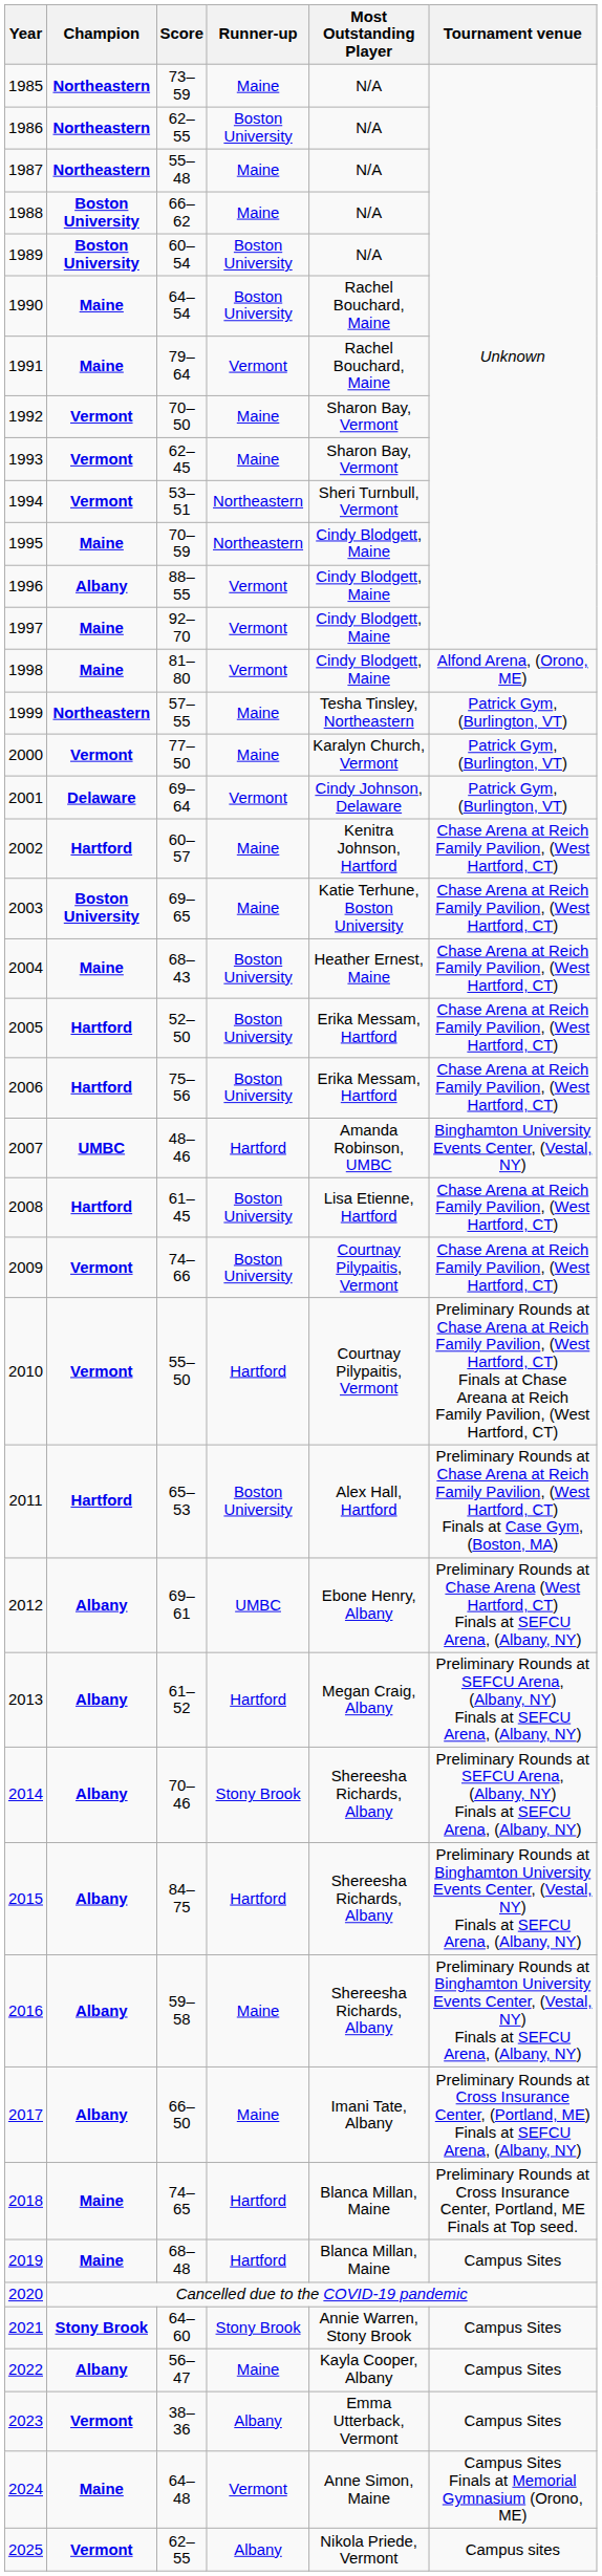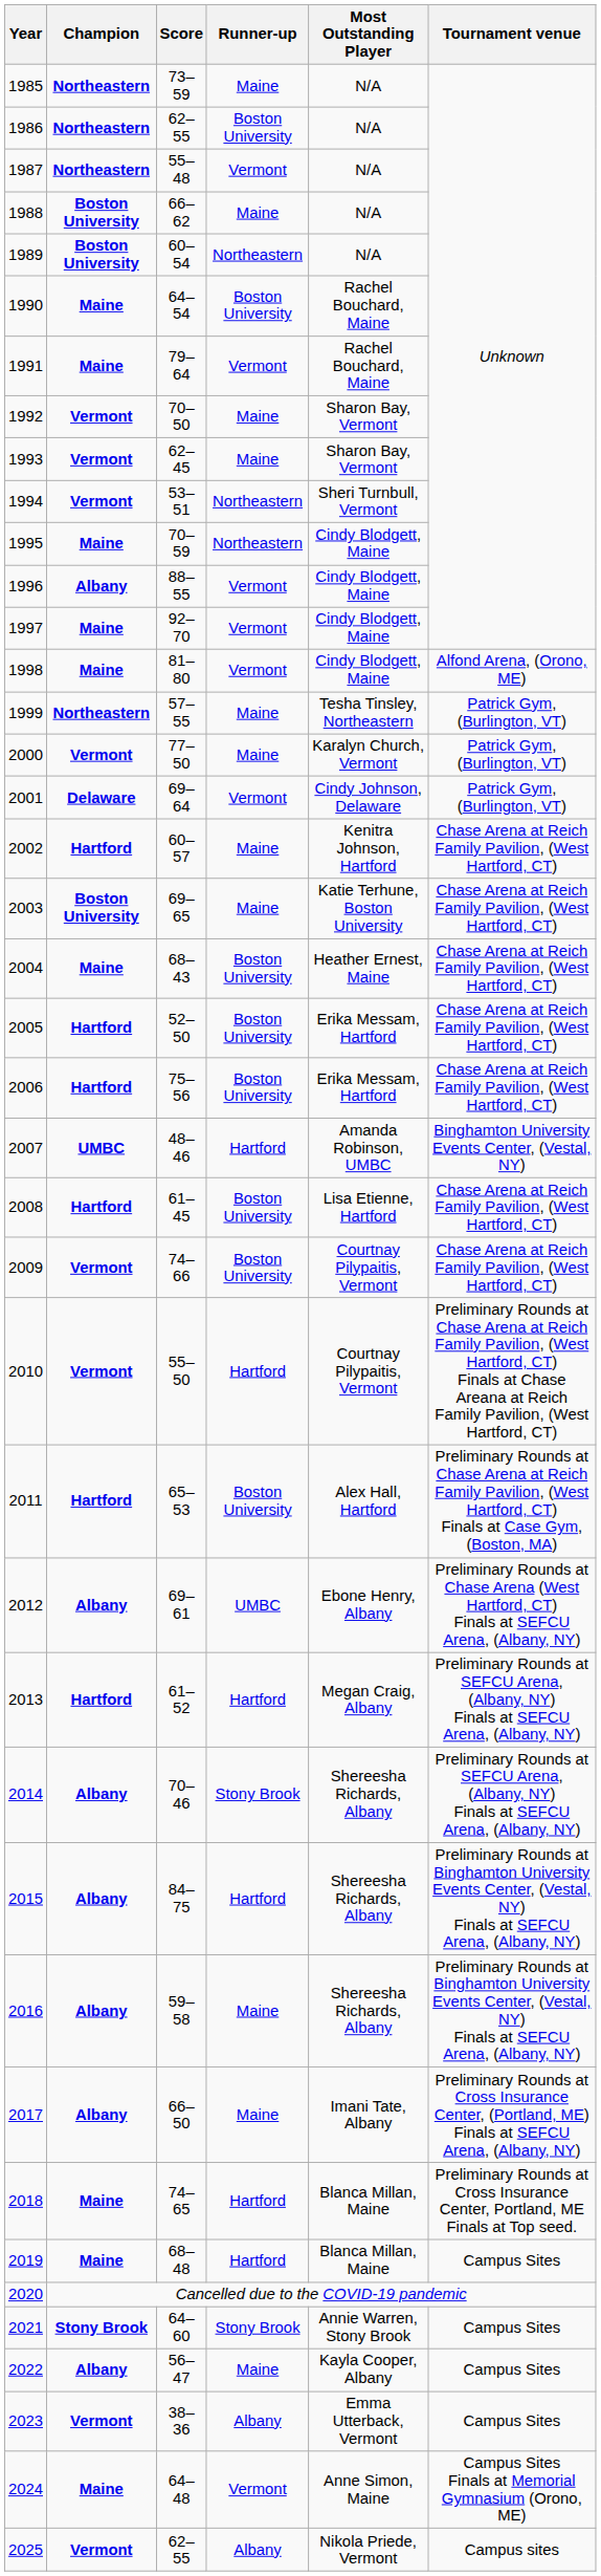 <table class="wikitable sortable" style="text-align:center">
 <tr>
 <th width=px>Year</th>
 <th width=px>Champion</th>
 <th width=px>Score</th>
 <th width=px>Runner-up</th>
 <th width=px>Most Outstanding Player</th>
 <th width=px>Tournament venue</th>
 </tr>
 <tr>
 <td>1985</td>
 <td><strong><a href='#'>Northeastern</a></strong></td>
 <td>73–59</td>
 <td><a href='#'>Maine</a></td>
 <td>N/A</td>
 <td rowspan="13"><em>Unknown</em></td>
 </tr>
 <tr>
 <td>1986</td>
 <td><strong><a href='#'>Northeastern</a></strong></td>
 <td>62–55</td>
 <td><a href='#'>Boston University</a></td>
 <td>N/A</td>
 </tr>
 <tr>
 <td>1987</td>
 <td><strong><a href='#'>Northeastern</a></strong></td>
 <td>55–48</td>
-<td><a href='#'>Maine</a></td>
+<td><a href='#'>Vermont</a></td>
 <td>N/A</td>
 </tr>
 <tr>
 <td>1988</td>
 <td><strong><a href='#'>Boston University</a></strong></td>
 <td>66–62</td>
 <td><a href='#'>Maine</a></td>
 <td>N/A</td>
 </tr>
 <tr>
 <td>1989</td>
 <td><strong><a href='#'>Boston University</a></strong></td>
 <td>60–54</td>
-<td><a href='#'>Boston University</a></td>
+<td><a href='#'>Northeastern</a></td>
 <td>N/A</td>
 </tr>
 <tr>
 <td>1990</td>
 <td><strong><a href='#'>Maine</a></strong></td>
 <td>64–54</td>
 <td><a href='#'>Boston University</a></td>
 <td>Rachel Bouchard, <a href='#'>Maine</a></td>
 </tr>
 <tr>
 <td>1991</td>
 <td><strong><a href='#'>Maine</a></strong></td>
 <td>79–64</td>
 <td><a href='#'>Vermont</a></td>
 <td>Rachel Bouchard, <a href='#'>Maine</a></td>
 </tr>
 <tr>
 <td>1992</td>
 <td><strong><a href='#'>Vermont</a></strong></td>
 <td>70–50</td>
 <td><a href='#'>Maine</a></td>
 <td>Sharon Bay, <a href='#'>Vermont</a></td>
 </tr>
 <tr>
 <td>1993</td>
 <td><strong><a href='#'>Vermont</a></strong></td>
 <td>62–45</td>
 <td><a href='#'>Maine</a></td>
 <td>Sharon Bay, <a href='#'>Vermont</a></td>
 </tr>
 <tr>
 <td>1994</td>
 <td><strong><a href='#'>Vermont</a></strong></td>
 <td>53–51</td>
 <td><a href='#'>Northeastern</a></td>
 <td>Sheri Turnbull, <a href='#'>Vermont</a></td>
 </tr>
 <tr>
 <td>1995</td>
 <td><strong><a href='#'>Maine</a></strong></td>
 <td>70–59</td>
 <td><a href='#'>Northeastern</a></td>
 <td><a href='#'>Cindy Blodgett</a>, <a href='#'>Maine</a></td>
 </tr>
 <tr>
 <td>1996</td>
 <td><strong><a href='#'>Albany</a></strong></td>
 <td>88–55</td>
 <td><a href='#'>Vermont</a></td>
 <td><a href='#'>Cindy Blodgett</a>, <a href='#'>Maine</a></td>
 </tr>
 <tr>
 <td>1997</td>
 <td><strong><a href='#'>Maine</a></strong></td>
 <td>92–70</td>
 <td><a href='#'>Vermont</a></td>
 <td><a href='#'>Cindy Blodgett</a>, <a href='#'>Maine</a></td>
 </tr>
 <tr>
 <td>1998</td>
 <td><strong><a href='#'>Maine</a></strong></td>
 <td>81–80</td>
 <td><a href='#'>Vermont</a></td>
 <td><a href='#'>Cindy Blodgett</a>, <a href='#'>Maine</a></td>
 <td><a href='#'>Alfond Arena</a>, (<a href='#'>Orono, ME</a>)</td>
 </tr>
 <tr>
 <td>1999</td>
 <td><strong><a href='#'>Northeastern</a></strong></td>
 <td>57–55</td>
 <td><a href='#'>Maine</a></td>
 <td>Tesha Tinsley, <a href='#'>Northeastern</a></td>
 <td><a href='#'>Patrick Gym</a>, (<a href='#'>Burlington, VT</a>)</td>
 </tr>
 <tr>
 <td>2000</td>
 <td><strong><a href='#'>Vermont</a></strong></td>
 <td>77–50</td>
 <td><a href='#'>Maine</a></td>
 <td>Karalyn Church, <a href='#'>Vermont</a></td>
 <td><a href='#'>Patrick Gym</a>, (<a href='#'>Burlington, VT</a>)</td>
 </tr>
 <tr>
 <td>2001</td>
 <td><strong><a href='#'>Delaware</a></strong></td>
 <td>69–64</td>
 <td><a href='#'>Vermont</a></td>
 <td><a href='#'>Cindy Johnson</a>, <a href='#'>Delaware</a></td>
 <td><a href='#'>Patrick Gym</a>, (<a href='#'>Burlington, VT</a>)</td>
 </tr>
 <tr>
 <td>2002</td>
 <td><strong><a href='#'>Hartford</a></strong></td>
 <td>60–57</td>
 <td><a href='#'>Maine</a></td>
 <td>Kenitra Johnson, <a href='#'>Hartford</a></td>
 <td><a href='#'>Chase Arena at Reich Family Pavilion</a>, (<a href='#'>West Hartford, CT</a>)</td>
 </tr>
 <tr>
 <td>2003</td>
 <td><strong><a href='#'>Boston University</a></strong></td>
 <td>69–65</td>
 <td><a href='#'>Maine</a></td>
 <td>Katie Terhune, <a href='#'>Boston University</a></td>
 <td><a href='#'>Chase Arena at Reich Family Pavilion</a>, (<a href='#'>West Hartford, CT</a>)</td>
 </tr>
 <tr>
 <td>2004</td>
 <td><strong><a href='#'>Maine</a></strong></td>
 <td>68–43</td>
 <td><a href='#'>Boston University</a></td>
 <td>Heather Ernest, <a href='#'>Maine</a></td>
 <td><a href='#'>Chase Arena at Reich Family Pavilion</a>, (<a href='#'>West Hartford, CT</a>)</td>
 </tr>
 <tr>
 <td>2005</td>
 <td><strong><a href='#'>Hartford</a></strong></td>
 <td>52–50</td>
 <td><a href='#'>Boston University</a></td>
 <td>Erika Messam, <a href='#'>Hartford</a></td>
 <td><a href='#'>Chase Arena at Reich Family Pavilion</a>, (<a href='#'>West Hartford, CT</a>)</td>
 </tr>
 <tr>
 <td>2006</td>
 <td><strong><a href='#'>Hartford</a></strong></td>
 <td>75–56</td>
 <td><a href='#'>Boston University</a></td>
 <td>Erika Messam, <a href='#'>Hartford</a></td>
 <td><a href='#'>Chase Arena at Reich Family Pavilion</a>, (<a href='#'>West Hartford, CT</a>)</td>
 </tr>
 <tr>
 <td>2007</td>
 <td><strong><a href='#'>UMBC</a></strong></td>
 <td>48–46</td>
 <td><a href='#'>Hartford</a></td>
 <td>Amanda Robinson, <a href='#'>UMBC</a></td>
 <td><a href='#'>Binghamton University Events Center</a>, (<a href='#'>Vestal, NY</a>)</td>
 </tr>
 <tr>
 <td>2008</td>
 <td><strong><a href='#'>Hartford</a></strong></td>
 <td>61–45</td>
 <td><a href='#'>Boston University</a></td>
 <td>Lisa Etienne, <a href='#'>Hartford</a></td>
 <td><a href='#'>Chase Arena at Reich Family Pavilion</a>, (<a href='#'>West Hartford, CT</a>)</td>
 </tr>
 <tr>
 <td>2009</td>
 <td><strong><a href='#'>Vermont</a></strong></td>
 <td>74–66</td>
 <td><a href='#'>Boston University</a></td>
 <td><a href='#'>Courtnay Pilypaitis</a>, <a href='#'>Vermont</a></td>
 <td><a href='#'>Chase Arena at Reich Family Pavilion</a>, (<a href='#'>West Hartford, CT</a>)</td>
 </tr>
 <tr>
 <td>2010</td>
 <td><strong><a href='#'>Vermont</a></strong></td>
 <td>55–50</td>
 <td><a href='#'>Hartford</a></td>
 <td>Courtnay Pilypaitis, <a href='#'>Vermont</a></td>
 <td>Preliminary Rounds at <a href='#'>Chase Arena at Reich Family Pavilion</a>, (<a href='#'>West Hartford, CT</a>)<br>Finals at Chase Areana at Reich Family Pavilion, (West Hartford, CT)</td>
 </tr>
 <tr>
 <td>2011</td>
 <td><strong><a href='#'>Hartford</a></strong></td>
 <td>65–53</td>
 <td><a href='#'>Boston University</a></td>
 <td>Alex Hall, <a href='#'>Hartford</a></td>
 <td>Preliminary Rounds at <a href='#'>Chase Arena at Reich Family Pavilion</a>, (<a href='#'>West Hartford, CT</a>)<br>Finals at <a href='#'>Case Gym</a>, (<a href='#'>Boston, MA</a>)</td>
 </tr>
 <tr>
 <td>2012</td>
 <td><strong><a href='#'>Albany</a></strong></td>
 <td>69–61</td>
 <td><a href='#'>UMBC</a></td>
 <td>Ebone Henry, <a href='#'>Albany</a></td>
 <td>Preliminary Rounds at <a href='#'>Chase Arena</a> (<a href='#'>West Hartford, CT</a>)<br>Finals at <a href='#'>SEFCU Arena</a>, (<a href='#'>Albany, NY</a>)</td>
 </tr>
 <tr>
 <td>2013</td>
-<td><strong><a href='#'>Albany</a></strong></td>
+<td><strong><a href='#'>Hartford</a></strong></td>
 <td>61–52</td>
 <td><a href='#'>Hartford</a></td>
 <td>Megan Craig, <a href='#'>Albany</a></td>
 <td>Preliminary Rounds at <a href='#'>SEFCU Arena</a>, (<a href='#'>Albany, NY</a>)<br>Finals at <a href='#'>SEFCU Arena</a>, (<a href='#'>Albany, NY</a>)</td>
 </tr>
 <tr>
 <td><a href='#'>2014</a></td>
 <td><strong><a href='#'>Albany</a></strong></td>
 <td>70–46</td>
 <td><a href='#'>Stony Brook</a></td>
 <td>Shereesha Richards, <a href='#'>Albany</a></td>
 <td>Preliminary Rounds at <a href='#'>SEFCU Arena</a>, (<a href='#'>Albany, NY</a>)<br>Finals at <a href='#'>SEFCU Arena</a>, (<a href='#'>Albany, NY</a>)</td>
 </tr>
 <tr>
 <td><a href='#'>2015</a></td>
 <td><strong><a href='#'>Albany</a></strong></td>
 <td>84–75</td>
 <td><a href='#'>Hartford</a></td>
 <td>Shereesha Richards, <a href='#'>Albany</a></td>
 <td>Preliminary Rounds at <a href='#'>Binghamton University Events Center</a>, (<a href='#'>Vestal, NY</a>)<br>Finals at <a href='#'>SEFCU Arena</a>, (<a href='#'>Albany, NY</a>)</td>
 </tr>
 <tr>
 <td><a href='#'>2016</a></td>
 <td><strong><a href='#'>Albany</a></strong></td>
 <td>59–58</td>
 <td><a href='#'>Maine</a></td>
 <td>Shereesha Richards, <a href='#'>Albany</a></td>
 <td>Preliminary Rounds at <a href='#'>Binghamton University Events Center</a>, (<a href='#'>Vestal, NY</a>)<br>Finals at <a href='#'>SEFCU Arena</a>, (<a href='#'>Albany, NY</a>)</td>
 </tr>
 <tr>
 <td><a href='#'>2017</a></td>
 <td><strong><a href='#'>Albany</a></strong></td>
 <td>66–50</td>
 <td><a href='#'>Maine</a></td>
 <td>Imani Tate, Albany</td>
 <td>Preliminary Rounds at <a href='#'>Cross Insurance Center</a>, (<a href='#'>Portland, ME</a>)<br>Finals at <a href='#'>SEFCU Arena</a>, (<a href='#'>Albany, NY</a>)</td>
 </tr>
 <tr>
 <td><a href='#'>2018</a></td>
 <td><strong><a href='#'>Maine</a></strong></td>
 <td>74–65</td>
 <td><a href='#'>Hartford</a></td>
 <td>Blanca Millan, Maine</td>
 <td>Preliminary Rounds at Cross Insurance Center, Portland, ME<br>Finals at Top seed.</td>
 </tr>
 <tr>
 <td><a href='#'>2019</a></td>
 <td><strong><a href='#'>Maine</a></strong></td>
 <td>68–48</td>
 <td><a href='#'>Hartford</a></td>
 <td>Blanca Millan, Maine</td>
 <td>Campus Sites</td>
 </tr>
 <tr>
 <td><a href='#'>2020</a></td>
 <td colspan=5><em>Cancelled due to the <a href='#'>COVID-19 pandemic</a></em></td>
 </tr>
 <tr>
 <td><a href='#'>2021</a></td>
 <td><strong><a href='#'>Stony Brook</a></strong></td>
 <td>64–60</td>
 <td><a href='#'>Stony Brook</a></td>
 <td>Annie Warren, Stony Brook</td>
 <td>Campus Sites</td>
 </tr>
 <tr>
 <td><a href='#'>2022</a></td>
 <td><strong><a href='#'>Albany</a></strong></td>
 <td>56–47</td>
 <td><a href='#'>Maine</a></td>
 <td>Kayla Cooper, Albany</td>
 <td>Campus Sites</td>
 </tr>
 <tr>
 <td><a href='#'>2023</a></td>
 <td><strong><a href='#'>Vermont</a></strong></td>
 <td>38–36</td>
 <td><a href='#'>Albany</a></td>
 <td>Emma Utterback, Vermont</td>
 <td>Campus Sites</td>
 </tr>
 <tr>
 <td><a href='#'>2024</a></td>
 <td><strong><a href='#'>Maine</a></strong></td>
 <td>64–48</td>
 <td><a href='#'>Vermont</a></td>
 <td>Anne Simon, Maine</td>
 <td>Campus Sites<br>Finals at <a href='#'>Memorial Gymnasium</a> (Orono, ME)</td>
 </tr>
 <tr>
 <td><a href='#'>2025</a></td>
 <td><strong><a href='#'>Vermont</a></strong></td>
 <td>62–55</td>
 <td><a href='#'>Albany</a></td>
 <td>Nikola Priede, Vermont</td>
 <td>Campus sites</td>
 </tr>
 </table>
